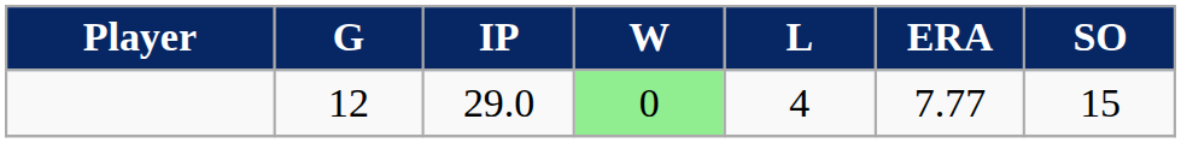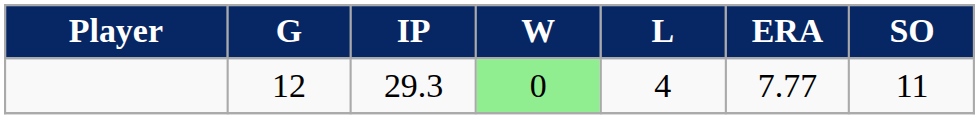 <table class="wikitable sortable">
 <tr>
 <th style="background:#072764;color:white;" width="16%">Player</th>
 <th style="background:#072764;color:white;" width="9%">G</th>
 <th style="background:#072764;color:white;" width="9%">IP</th>
 <th style="background:#072764;color:white;" width="9%">W</th>
 <th style="background:#072764;color:white;" width="9%">L</th>
 <th style="background:#072764;color:white;" width="9%">ERA</th>
 <th style="background:#072764;color:white;" width="9%">SO</th>
 </tr>
 <tr align="center">
 <td></td>
 <td>12</td>
-<td>29.0</td>
+<td>29.3</td>
 <td style="background: lightgreen;">0</td>
 <td>4</td>
 <td>7.77</td>
-<td>15</td>
+<td>11</td>
 </tr>
 <tr align="center">
 </tr>
 </table>
